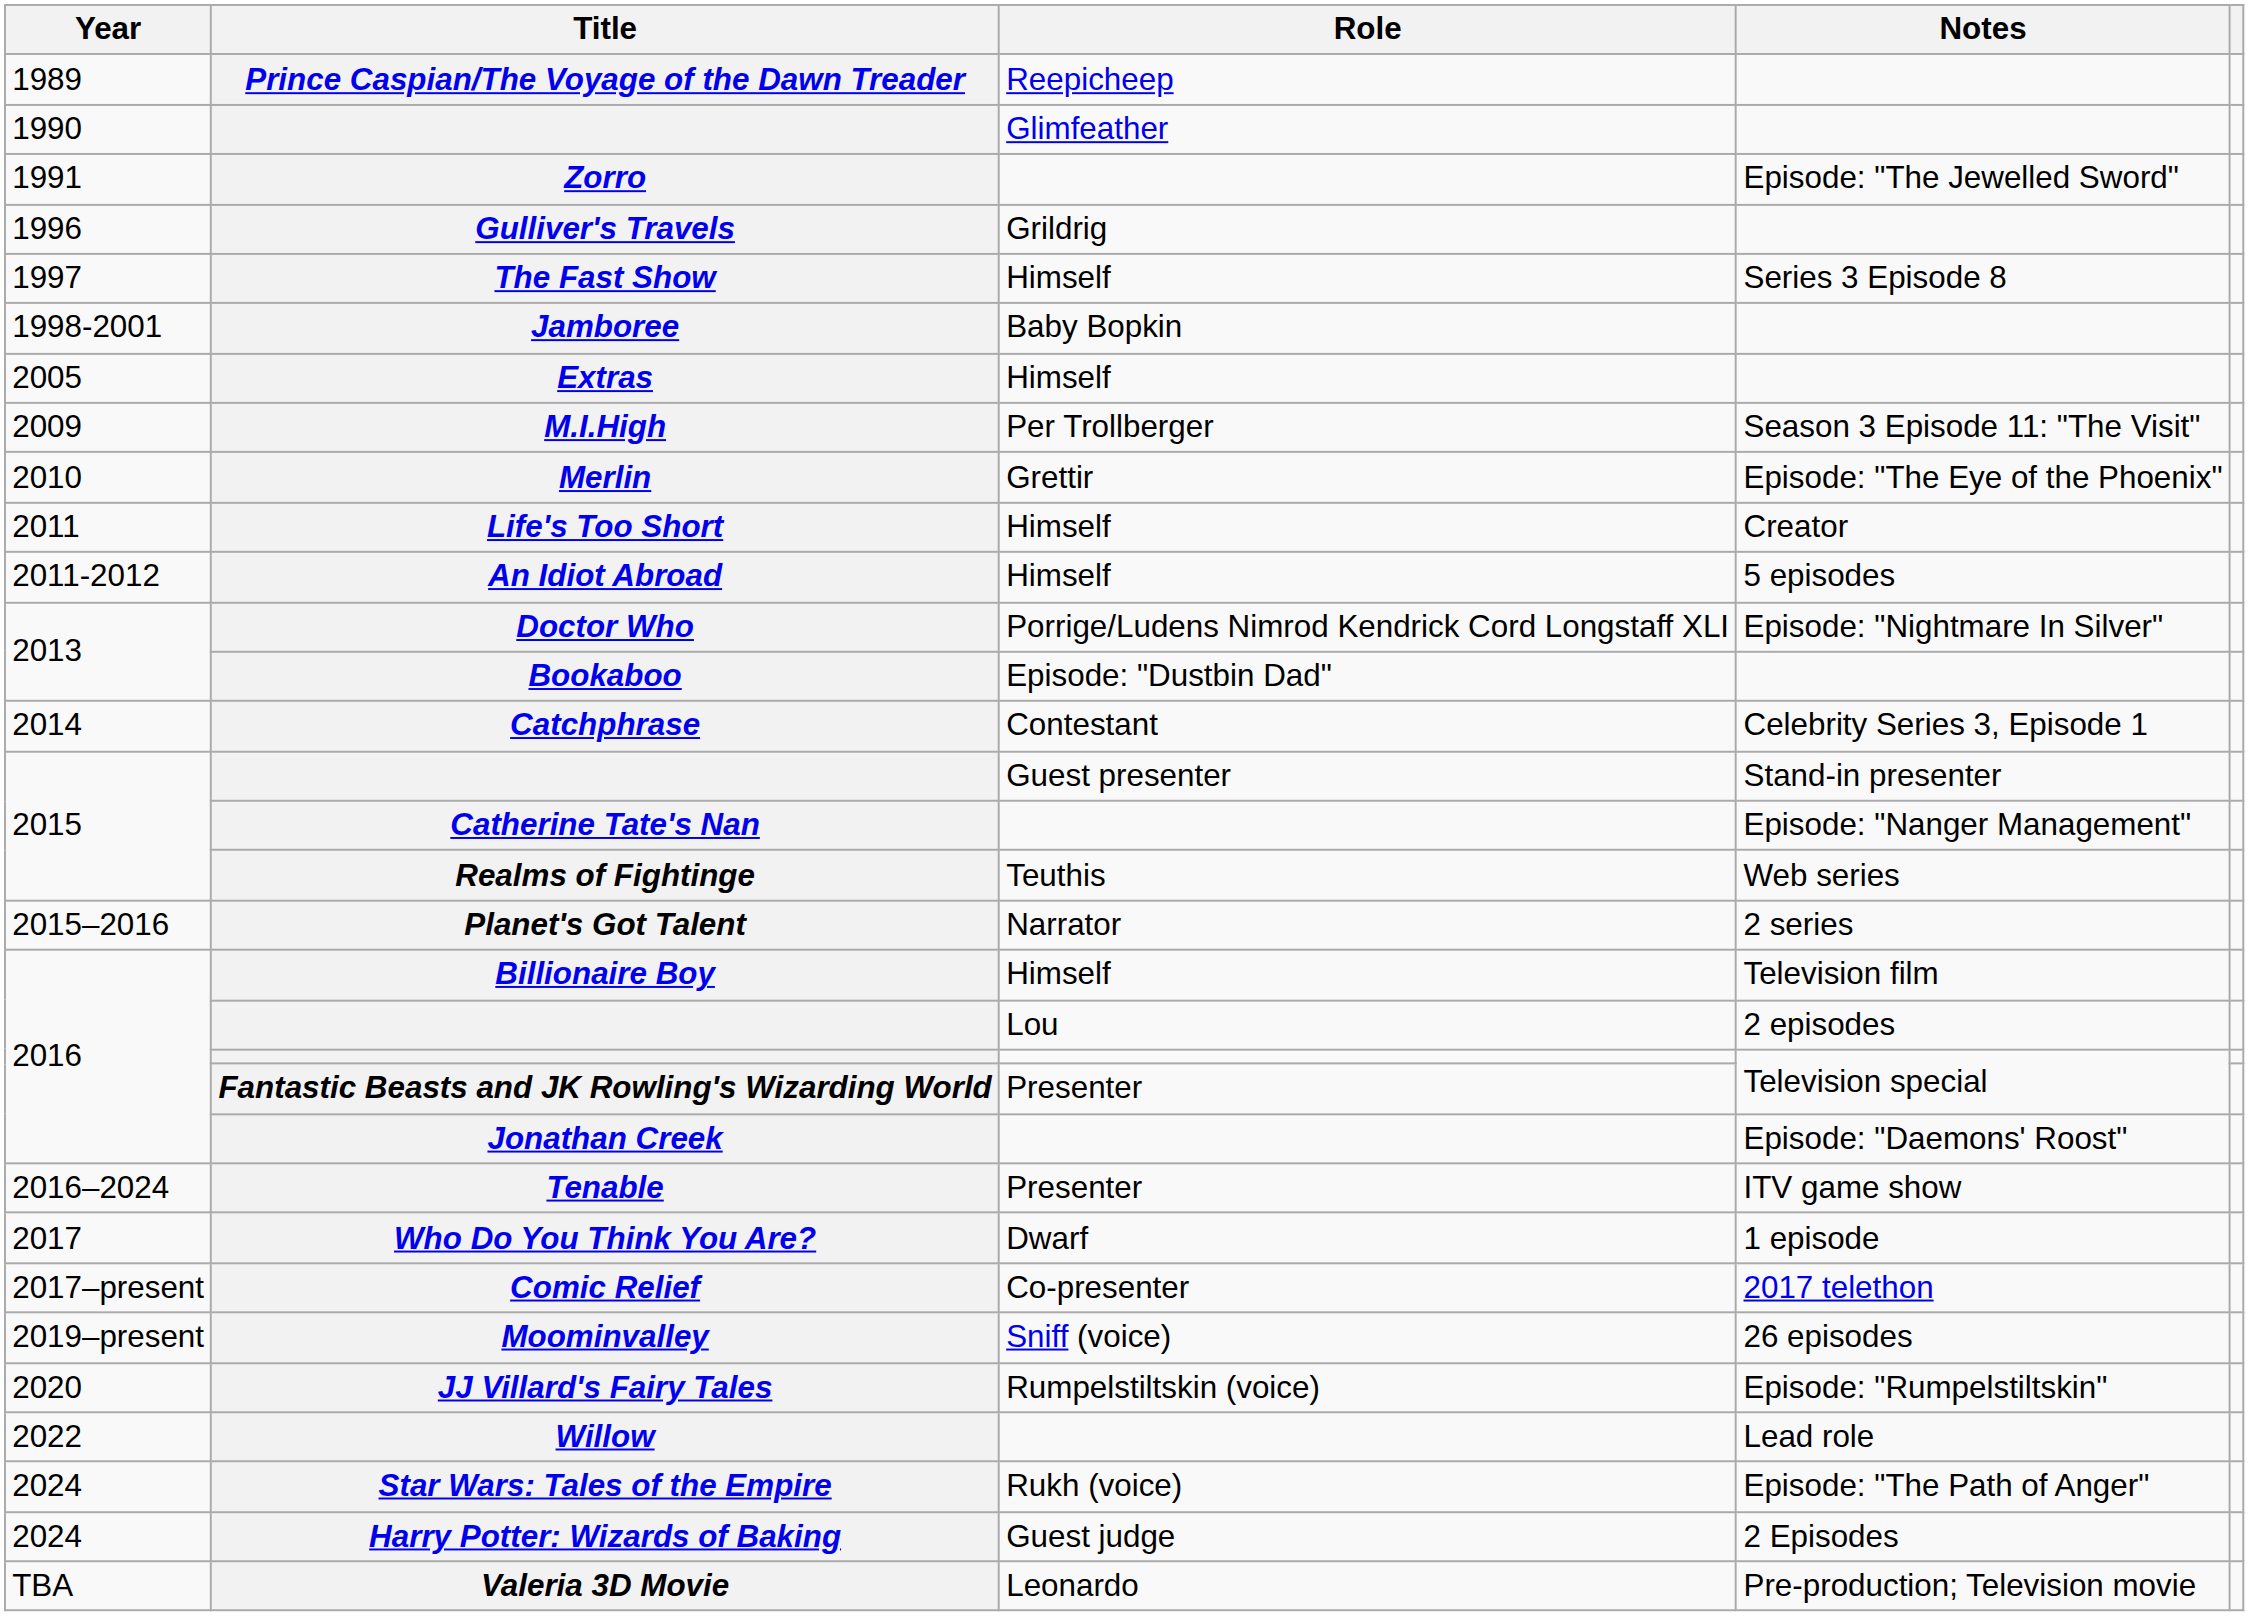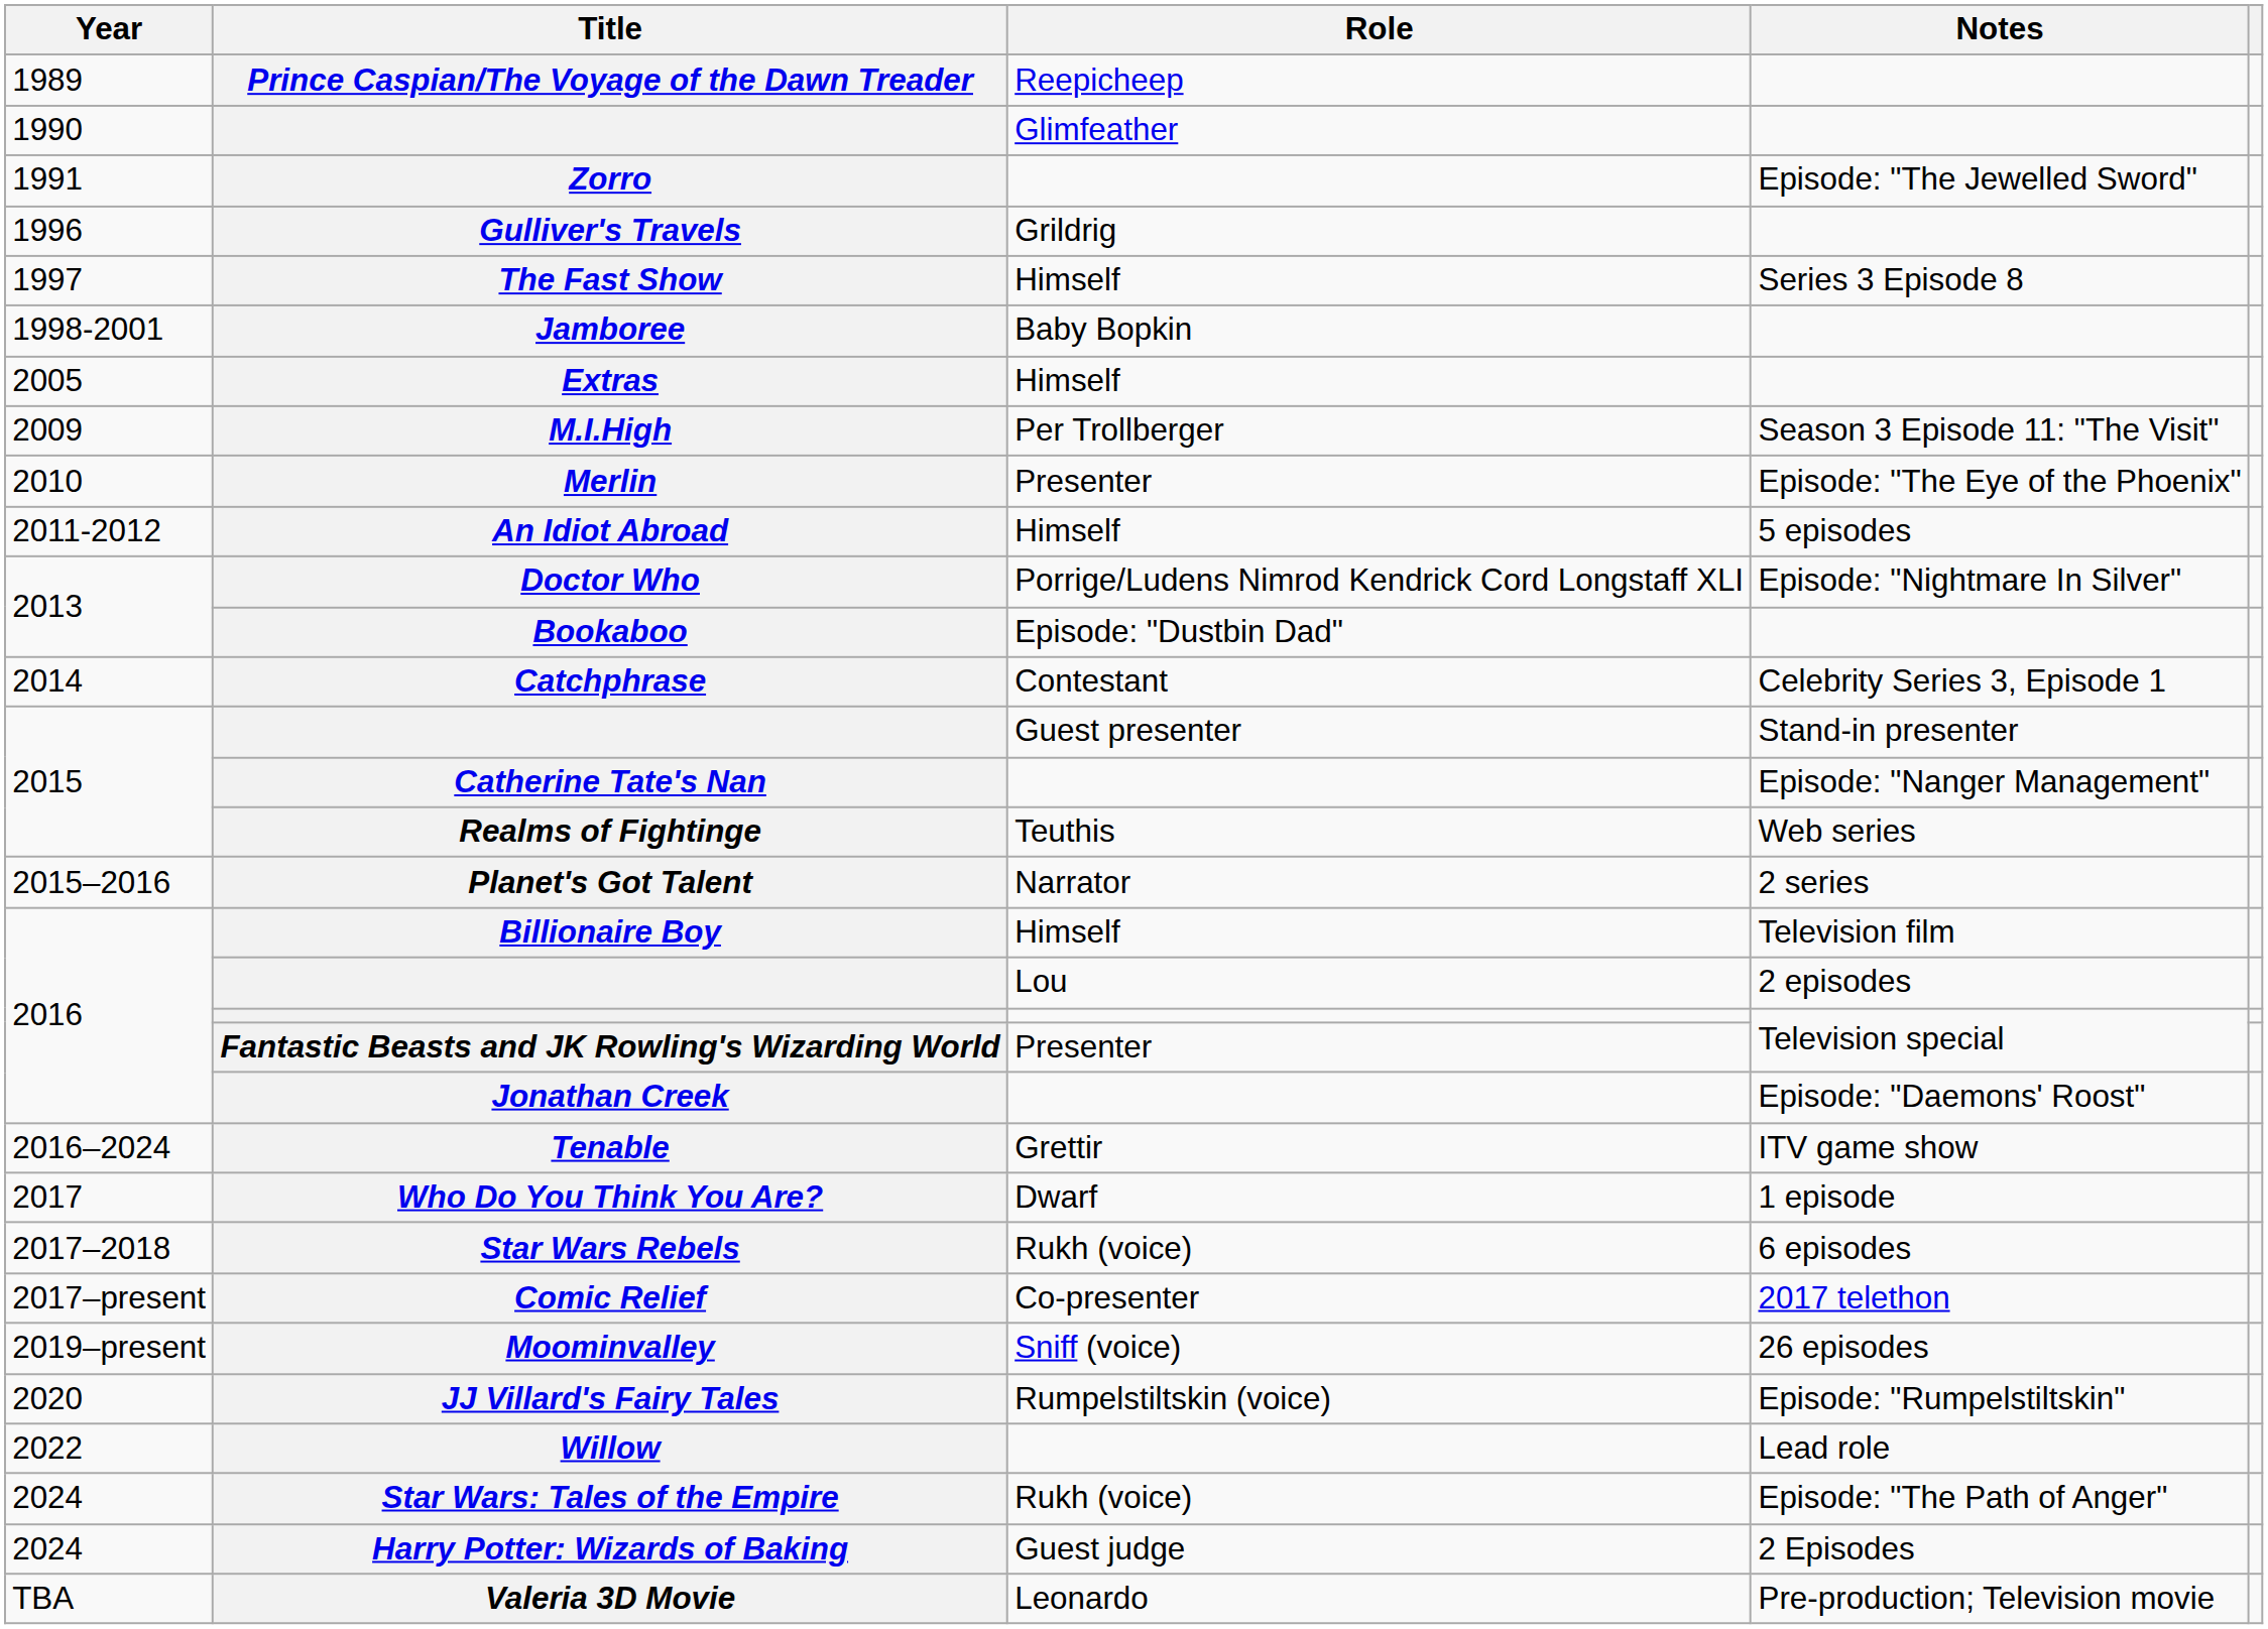 <table class="wikitable plainrowheaders sortable">
 <tr>
 <th scope="col">Year</th>
 <th scope="col">Title</th>
 <th scope="col">Role</th>
 <th scope="col" class="unsortable">Notes</th>
 <th scope="col" class="unsortable"></th>
 </tr>
 <tr>
 <td>1989</td>
 <th scope=row><em><a href='#'>Prince Caspian/The Voyage of the Dawn Treader</a></em></th>
 <td><a href='#'>Reepicheep</a></td>
 <td></td>
 <td style="text-align:center;"></td>
 </tr>
 <tr>
 <td>1990</td>
 <th scope=row></th>
 <td><a href='#'>Glimfeather</a></td>
 <td></td>
 <td style="text-align:center;"></td>
 </tr>
 <tr>
 <td>1991</td>
 <th scope=row><em><a href='#'>Zorro</a></em></th>
 <td></td>
 <td>Episode: "The Jewelled Sword"</td>
 <td style="text-align:center;"></td>
 </tr>
 <tr>
 <td>1996</td>
 <th scope=row><em><a href='#'>Gulliver's Travels</a></em></th>
 <td>Grildrig</td>
 <td></td>
 <td style="text-align:center;"></td>
 </tr>
 <tr>
 <td>1997</td>
 <th scope=row><em><a href='#'>The Fast Show</a></em></th>
 <td>Himself</td>
 <td>Series 3 Episode 8</td>
 <td style="text-align:center;"></td>
 </tr>
 <tr>
 <td>1998-2001</td>
 <th scope=row><em><a href='#'>Jamboree</a></em></th>
 <td>Baby Bopkin</td>
 <td></td>
 <td style="text-align:center;"></td>
 </tr>
 <tr>
 <td>2005</td>
 <th scope=row><em><a href='#'>Extras</a></em></th>
 <td>Himself</td>
 <td></td>
 <td></td>
 </tr>
 <tr>
 <td>2009</td>
 <th scope=row><em><a href='#'>M.I.High</a></em></th>
 <td>Per Trollberger</td>
 <td>Season 3 Episode 11: "The Visit"</td>
 <td style="text-align:center;"></td>
 </tr>
 <tr>
 <td>2010</td>
 <th scope=row><em><a href='#'>Merlin</a></em></th>
-<td>Grettir</td>
+<td>Presenter</td>
 <td>Episode: "The Eye of the Phoenix"</td>
-<td style="text-align:center;"></td>
-</tr>
-<tr>
-<td>2011</td>
-<th scope=row><em><a href='#'>Life's Too Short</a></em></th>
-<td rowspan="1">Himself</td>
-<td>Creator</td>
 <td style="text-align:center;"></td>
 </tr>
 <tr>
 <td>2011-2012</td>
 <th scope=row><em><a href='#'>An Idiot Abroad</a></em></th>
 <td rowspan="1">Himself</td>
 <td>5 episodes</td>
 <td style="text-align:center;"></td>
 </tr>
 <tr>
 <td rowspan="2”">2013</td>
 <th scope=row><em><a href='#'>Doctor Who</a></em></th>
 <td>Porrige/Ludens Nimrod Kendrick Cord Longstaff XLI</td>
 <td>Episode: "Nightmare In Silver"</td>
 <td style="text-align:center;"></td>
 </tr>
 <tr>
 <th scope=row><em><a href='#'>Bookaboo</a></em></th>
 <td>Episode: "Dustbin Dad"</td>
 <td style="text-align:center;"></td>
 </tr>
 <tr>
 <td>2014</td>
 <th scope=row><em><a href='#'>Catchphrase</a></em></th>
 <td>Contestant</td>
 <td>Celebrity Series 3, Episode 1</td>
 <td style="text-align:center;"></td>
 </tr>
 <tr>
 <td rowspan="3">2015</td>
 <th scope=row></th>
 <td>Guest presenter</td>
 <td>Stand-in presenter</td>
 <td style="text-align:center;"></td>
 </tr>
 <tr>
 <th scope=row><em><a href='#'>Catherine Tate's Nan</a></em></th>
 <td></td>
 <td>Episode: "Nanger Management"</td>
 <td style="text-align:center;"></td>
 </tr>
 <tr>
 <th scope=row><em>Realms of Fightinge</em></th>
 <td>Teuthis</td>
 <td>Web series</td>
 <td style="text-align:center;"></td>
 </tr>
 <tr>
 <td>2015–2016</td>
 <th scope=row><em>Planet's Got Talent</em></th>
 <td>Narrator</td>
 <td>2 series</td>
 <td style="text-align:center;"></td>
 </tr>
 <tr>
 <td rowspan="5">2016</td>
 <th scope=row><em><a href='#'>Billionaire Boy</a></em></th>
 <td>Himself</td>
 <td>Television film</td>
 <td style="text-align:center;"></td>
 </tr>
 <tr>
 <th scope=row></th>
 <td>Lou</td>
 <td>2 episodes</td>
 <td style="text-align:center;"></td>
 </tr>
 <tr>
 <th scope=row></th>
 <td></td>
 <td rowspan="2">Television special</td>
 <td style="text-align:center;"></td>
 </tr>
 <tr>
 <th scope=row><em>Fantastic Beasts and JK Rowling's Wizarding World</em></th>
 <td>Presenter</td>
 <td style="text-align:center;"></td>
 </tr>
 <tr>
 <th scope=row><em><a href='#'>Jonathan Creek</a></em></th>
 <td></td>
 <td>Episode: "Daemons' Roost"</td>
 <td style="text-align:center;"></td>
 </tr>
 <tr>
 <td>2016–2024</td>
 <th scope=row><em><a href='#'>Tenable</a></em></th>
-<td>Presenter</td>
+<td>Grettir</td>
 <td>ITV game show</td>
 <td style="text-align:center;"></td>
 </tr>
 <tr>
 <td>2017</td>
 <th scope="row"><em><a href='#'>Who Do You Think You Are?</a></em></th>
 <td>Dwarf</td>
 <td>1 episode</td>
+<td style="text-align:center;"></td>
+</tr>
+<tr>
+<td>2017–2018</td>
+<th scope="row"><em><a href='#'>Star Wars Rebels</a></em></th>
+<td>Rukh (voice)</td>
+<td>6 episodes</td>
 <td style="text-align:center;"></td>
 </tr>
 <tr>
 <td>2017–present</td>
 <th scope=row><em><a href='#'>Comic Relief</a></em></th>
 <td>Co-presenter</td>
 <td><a href='#'>2017 telethon</a></td>
 <td style="text-align:center;"></td>
 </tr>
 <tr>
 <td>2019–present</td>
 <th scope=row><em><a href='#'>Moominvalley</a></em></th>
 <td><a href='#'>Sniff</a> (voice)</td>
 <td>26 episodes</td>
 <td style="text-align:center;"></td>
 </tr>
 <tr>
 <td>2020</td>
 <th scope=row><em><a href='#'>JJ Villard's Fairy Tales</a></em></th>
 <td>Rumpelstiltskin (voice)</td>
 <td>Episode: "Rumpelstiltskin"</td>
 <td style="text-align:center;"></td>
 </tr>
 <tr>
 <td>2022</td>
 <th scope=row><em><a href='#'>Willow</a></em></th>
 <td></td>
 <td>Lead role</td>
 <td style="text-align:center;"></td>
 </tr>
 <tr>
 <td>2024</td>
 <th scope=row><em><a href='#'>Star Wars: Tales of the Empire</a></em></th>
 <td>Rukh (voice)</td>
 <td>Episode: "The Path of Anger"</td>
 </tr>
 <tr>
 <td>2024</td>
 <th scope=row><em><a href='#'>Harry Potter: Wizards of Baking</a></em></th>
 <td>Guest judge</td>
 <td>2 Episodes</td>
 <td style="text-align:center;"></td>
 </tr>
 <tr>
 <td>TBA</td>
 <th scope=row><em>Valeria 3D Movie</em></th>
 <td>Leonardo</td>
 <td>Pre-production; Television movie</td>
 <td style="text-align:center;"></td>
 </tr>
 </table>
